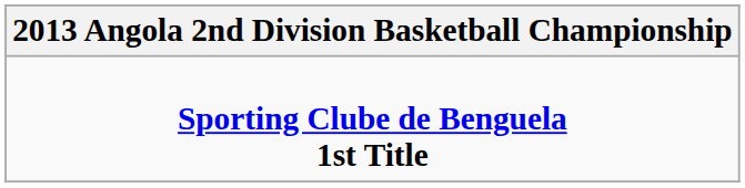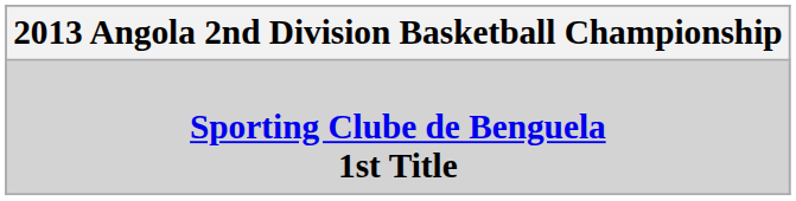 <table class=wikitable style="text-align:center; margin:auto">
 <tr>
 <th>2013 Angola 2nd Division Basketball Championship</th>
 </tr>
 <tr>
-<td><br><strong><a href='#'>Sporting Clube de Benguela</a></strong><br><strong>1st Title</strong></td>
+<td style="background: lightgrey;"><br><strong><a href='#'>Sporting Clube de Benguela</a></strong><br><strong>1st Title</strong></td>
 </tr>
 </table>
